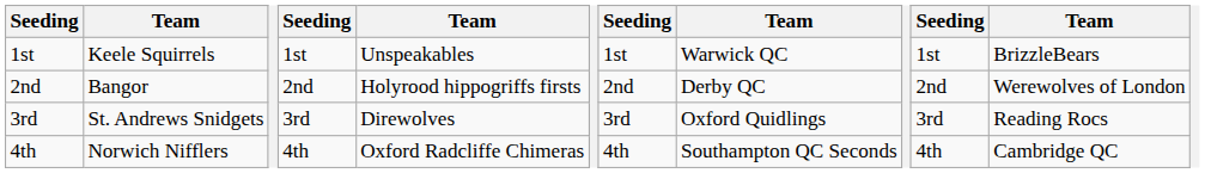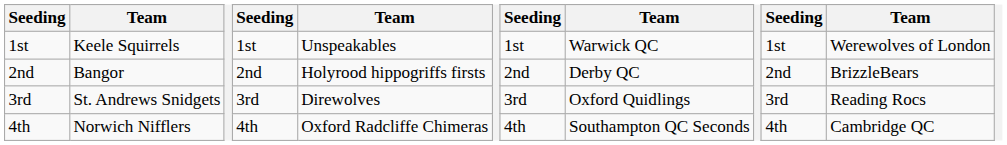 <table class="wikitable" style="border: none;">
 <tr>
 <th>Seeding</th>
 <th>Team</th>
 <th rowspan="10" style="border: none;"></th>
 <th>Seeding</th>
 <th>Team</th>
 <th rowspan="10" style="border: none;"></th>
 <th>Seeding</th>
 <th>Team</th>
 <th rowspan="10" style="border: none;"></th>
 <th>Seeding</th>
 <th>Team</th>
 <th rowspan="10" style="border: none;"></th>
 </tr>
 <tr>
 <td>1st</td>
 <td>Keele Squirrels</td>
 <td>1st</td>
 <td>Unspeakables</td>
 <td>1st</td>
 <td>Warwick QC</td>
 <td>1st</td>
-<td>BrizzleBears</td>
+<td>Werewolves of London</td>
 </tr>
 <tr>
 <td>2nd</td>
 <td>Bangor</td>
 <td>2nd</td>
 <td>Holyrood hippogriffs firsts</td>
 <td>2nd</td>
 <td>Derby QC</td>
 <td>2nd</td>
-<td>Werewolves of London</td>
+<td>BrizzleBears</td>
 </tr>
 <tr>
 <td>3rd</td>
 <td>St. Andrews Snidgets</td>
 <td>3rd</td>
 <td>Direwolves</td>
 <td>3rd</td>
 <td>Oxford Quidlings</td>
 <td>3rd</td>
 <td>Reading Rocs</td>
 </tr>
 <tr>
 <td>4th</td>
 <td>Norwich Nifflers</td>
 <td>4th</td>
 <td>Oxford Radcliffe Chimeras</td>
 <td>4th</td>
 <td>Southampton QC Seconds</td>
 <td>4th</td>
 <td>Cambridge QC</td>
 </tr>
 </table>
